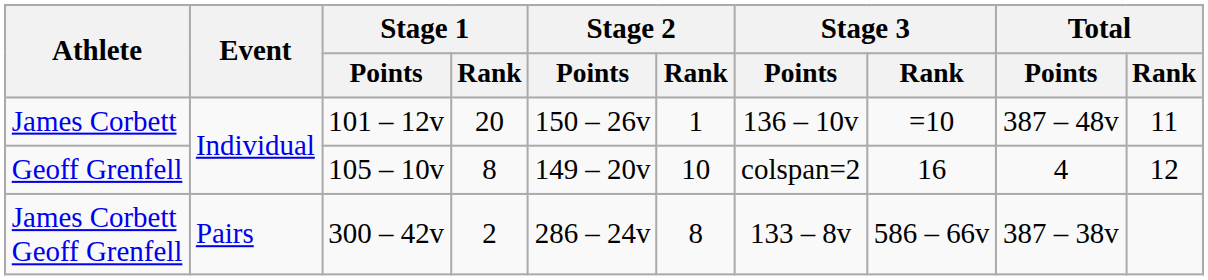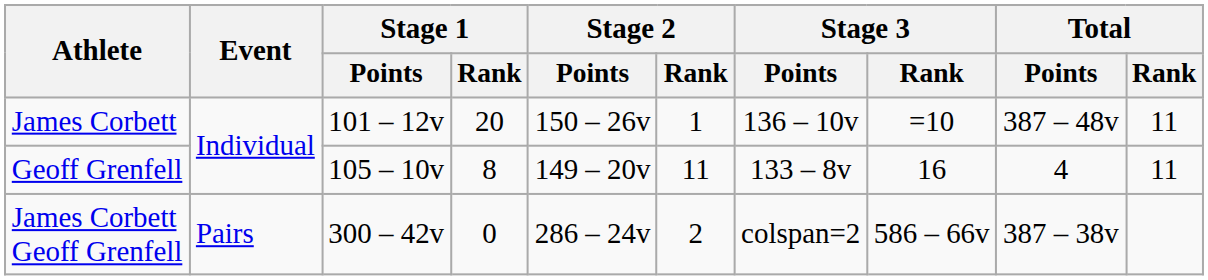 <table class="wikitable" style="font-size:90%;">
 <tr>
 <th rowspan=2>Athlete</th>
 <th rowspan=2>Event</th>
 <th colspan=2>Stage 1</th>
 <th colspan=2>Stage 2</th>
 <th colspan=2>Stage 3</th>
 <th colspan=2>Total</th>
 </tr>
 <tr style="font-size:95%">
 <th>Points</th>
 <th>Rank</th>
 <th>Points</th>
 <th>Rank</th>
 <th>Points</th>
 <th>Rank</th>
 <th>Points</th>
 <th>Rank</th>
 </tr>
 <tr align=center>
 <td align=left><a href='#'>James Corbett</a></td>
 <td align=left rowspan=2><a href='#'>Individual</a></td>
 <td>101 – 12v</td>
 <td>20</td>
 <td>150 – 26v</td>
 <td>1</td>
 <td>136 – 10v</td>
 <td>=10</td>
 <td>387 – 48v</td>
 <td>11</td>
 </tr>
 <tr align=center>
 <td align=left><a href='#'>Geoff Grenfell</a></td>
 <td>105 – 10v</td>
 <td>8</td>
 <td>149 – 20v</td>
-<td>10</td>
-<td>colspan=2 </td>
+<td>11</td>
+<td>133 – 8v</td>
 <td>16</td>
 <td>4</td>
-<td>12</td>
+<td>11</td>
 </tr>
 <tr align=center>
 <td align=left><a href='#'>James Corbett</a><br><a href='#'>Geoff Grenfell</a></td>
 <td align=left><a href='#'>Pairs</a></td>
 <td>300 – 42v</td>
+<td>0</td>
+<td>286 – 24v</td>
 <td>2</td>
-<td>286 – 24v</td>
-<td>8</td>
-<td>133 – 8v</td>
+<td>colspan=2 </td>
 <td>586 – 66v</td>
 <td>387 – 38v</td>
 </tr>
 </table>
